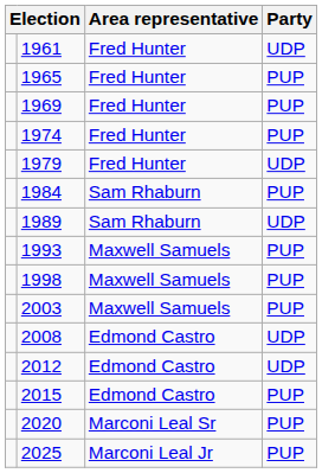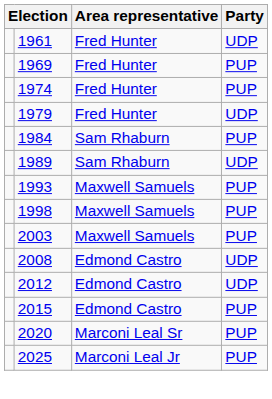 <table class="wikitable">
 <tr>
 <th colspan="2">Election</th>
 <th>Area representative</th>
 <th>Party</th>
 </tr>
 <tr>
 <td style="background-color: "></td>
 <td><a href='#'>1961</a></td>
 <td><a href='#'>Fred Hunter</a></td>
 <td><a href='#'>UDP</a></td>
-</tr>
-<tr>
-<td style="background-color: "></td>
-<td><a href='#'>1965</a></td>
-<td><a href='#'>Fred Hunter</a></td>
-<td><a href='#'>PUP</a></td>
 </tr>
 <tr>
 <td style="background-color: "></td>
 <td><a href='#'>1969</a></td>
 <td><a href='#'>Fred Hunter</a></td>
 <td><a href='#'>PUP</a></td>
 </tr>
 <tr>
 <td style="background-color: "></td>
 <td><a href='#'>1974</a></td>
 <td><a href='#'>Fred Hunter</a></td>
 <td><a href='#'>PUP</a></td>
 </tr>
 <tr>
 <td style="background-color: "></td>
 <td><a href='#'>1979</a></td>
 <td><a href='#'>Fred Hunter</a></td>
 <td><a href='#'>UDP</a></td>
 </tr>
 <tr>
 <td style="background-color: "></td>
 <td><a href='#'>1984</a></td>
 <td><a href='#'>Sam Rhaburn</a></td>
 <td><a href='#'>PUP</a></td>
 </tr>
 <tr>
 <td style="background-color: "></td>
 <td><a href='#'>1989</a></td>
 <td><a href='#'>Sam Rhaburn</a></td>
 <td><a href='#'>UDP</a></td>
 </tr>
 <tr>
 <td style="background-color: "></td>
 <td><a href='#'>1993</a></td>
 <td><a href='#'>Maxwell Samuels</a></td>
 <td><a href='#'>PUP</a></td>
 </tr>
 <tr>
 <td style="background-color: "></td>
 <td><a href='#'>1998</a></td>
 <td><a href='#'>Maxwell Samuels</a></td>
 <td><a href='#'>PUP</a></td>
 </tr>
 <tr>
 <td style="background-color: "></td>
 <td><a href='#'>2003</a></td>
 <td><a href='#'>Maxwell Samuels</a></td>
 <td><a href='#'>PUP</a></td>
 </tr>
 <tr>
 <td style="background-color: "></td>
 <td><a href='#'>2008</a></td>
 <td><a href='#'>Edmond Castro</a></td>
 <td><a href='#'>UDP</a></td>
 </tr>
 <tr>
 <td style="background-color: "></td>
 <td><a href='#'>2012</a></td>
 <td><a href='#'>Edmond Castro</a></td>
 <td><a href='#'>UDP</a></td>
 </tr>
 <tr>
 <td style="background-color: "></td>
 <td><a href='#'>2015</a></td>
 <td><a href='#'>Edmond Castro</a></td>
 <td><a href='#'>PUP</a></td>
 </tr>
 <tr>
 <td style="background-color: "></td>
 <td><a href='#'>2020</a></td>
 <td><a href='#'>Marconi Leal Sr</a></td>
 <td><a href='#'>PUP</a></td>
 </tr>
 <tr>
 <td style="background-color: "></td>
 <td><a href='#'>2025</a></td>
 <td><a href='#'>Marconi Leal Jr</a></td>
 <td><a href='#'>PUP</a></td>
 </tr>
 </table>
